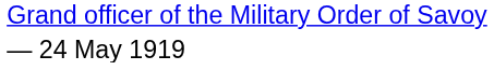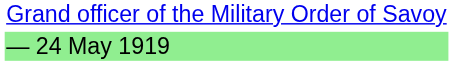 <table>
 <tr>
 <td rowspan=2 style="width:60px; vertical-align:top;"></td>
 <td><a href='#'>Grand officer of the Military Order of Savoy</a></td>
 </tr>
 <tr>
-<td>— 24 May 1919</td>
+<td style="background: lightgreen;">— 24 May 1919</td>
 </tr>
 </table>
